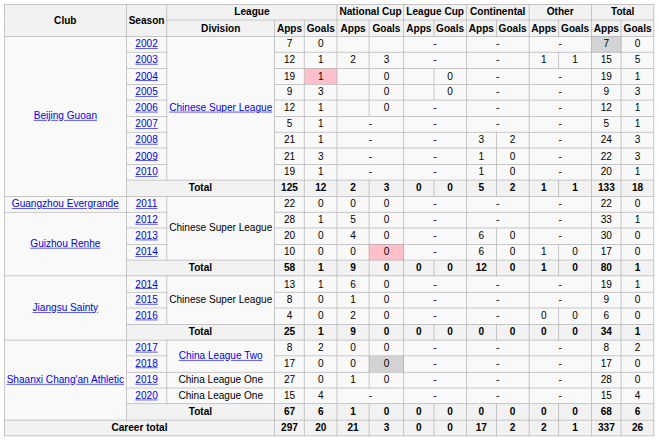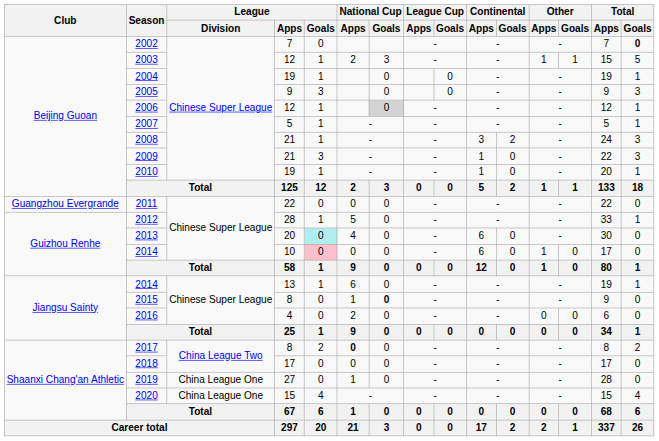 <table class="wikitable" style="text-align: center">
 <tr>
 <th rowspan="2">Club</th>
 <th rowspan="2">Season</th>
 <th colspan="3">League</th>
 <th colspan="2">National Cup</th>
 <th colspan="2">League Cup</th>
 <th colspan="2">Continental</th>
 <th colspan="2">Other</th>
 <th colspan="2">Total</th>
 </tr>
 <tr>
 <th>Division</th>
 <th>Apps</th>
 <th>Goals</th>
 <th>Apps</th>
 <th>Goals</th>
 <th>Apps</th>
 <th>Goals</th>
 <th>Apps</th>
 <th>Goals</th>
 <th>Apps</th>
 <th>Goals</th>
 <th>Apps</th>
 <th>Goals</th>
 </tr>
 <tr>
 <td rowspan=10><a href='#'>Beijing Guoan</a></td>
 <td><a href='#'>2002</a></td>
 <td rowspan=9><a href='#'>Chinese Super League</a></td>
 <td>7</td>
 <td>0</td>
 <td></td>
 <td></td>
 <td colspan="2">-</td>
 <td colspan="2">-</td>
 <td colspan="2">-</td>
-<td style="background: lightgrey;">7</td>
-<td>0</td>
+<td>7</td>
+<td><strong>0</strong></td>
 </tr>
 <tr>
 <td><a href='#'>2003</a></td>
 <td>12</td>
 <td>1</td>
 <td>2</td>
 <td>3</td>
 <td colspan="2">-</td>
 <td colspan="2">-</td>
 <td>1</td>
 <td>1</td>
 <td>15</td>
 <td>5</td>
 </tr>
 <tr>
 <td><a href='#'>2004</a></td>
 <td>19</td>
-<td style="background: pink;">1</td>
+<td>1</td>
 <td></td>
 <td>0</td>
 <td></td>
 <td>0</td>
 <td colspan="2">-</td>
 <td colspan="2">-</td>
 <td>19</td>
 <td>1</td>
 </tr>
 <tr>
 <td><a href='#'>2005</a></td>
 <td>9</td>
 <td>3</td>
 <td></td>
 <td>0</td>
 <td></td>
 <td>0</td>
 <td colspan="2">-</td>
 <td colspan="2">-</td>
 <td>9</td>
 <td>3</td>
 </tr>
 <tr>
 <td><a href='#'>2006</a></td>
 <td>12</td>
 <td>1</td>
 <td></td>
-<td>0</td>
+<td style="background: lightgrey;">0</td>
 <td colspan="2">-</td>
 <td colspan="2">-</td>
 <td colspan="2">-</td>
 <td>12</td>
 <td>1</td>
 </tr>
 <tr>
 <td><a href='#'>2007</a></td>
 <td>5</td>
 <td>1</td>
 <td colspan="2">-</td>
 <td colspan="2">-</td>
 <td colspan="2">-</td>
 <td colspan="2">-</td>
 <td>5</td>
 <td>1</td>
 </tr>
 <tr>
 <td><a href='#'>2008</a></td>
 <td>21</td>
 <td>1</td>
 <td colspan="2">-</td>
 <td colspan="2">-</td>
 <td>3</td>
 <td>2</td>
 <td colspan="2">-</td>
 <td>24</td>
 <td>3</td>
 </tr>
 <tr>
 <td><a href='#'>2009</a></td>
 <td>21</td>
 <td>3</td>
 <td colspan="2">-</td>
 <td colspan="2">-</td>
 <td>1</td>
 <td>0</td>
 <td colspan="2">-</td>
 <td>22</td>
 <td>3</td>
 </tr>
 <tr>
 <td><a href='#'>2010</a></td>
 <td>19</td>
 <td>1</td>
 <td colspan="2">-</td>
 <td colspan="2">-</td>
 <td>1</td>
 <td>0</td>
 <td colspan="2">-</td>
 <td>20</td>
 <td>1</td>
 </tr>
 <tr>
 <th colspan="2"><strong>Total</strong></th>
 <th>125</th>
 <th>12</th>
 <th>2</th>
 <th>3</th>
 <th>0</th>
 <th>0</th>
 <th>5</th>
 <th>2</th>
 <th>1</th>
 <th>1</th>
 <th>133</th>
 <th>18</th>
 </tr>
 <tr>
 <td><a href='#'>Guangzhou Evergrande</a></td>
 <td><a href='#'>2011</a></td>
 <td rowspan=4>Chinese Super League</td>
 <td>22</td>
 <td>0</td>
 <td>0</td>
 <td>0</td>
 <td colspan="2">-</td>
 <td colspan="2">-</td>
 <td colspan="2">-</td>
 <td>22</td>
 <td>0</td>
 </tr>
 <tr>
 <td rowspan=4><a href='#'>Guizhou Renhe</a></td>
 <td><a href='#'>2012</a></td>
 <td>28</td>
 <td>1</td>
 <td>5</td>
 <td>0</td>
 <td colspan="2">-</td>
 <td colspan="2">-</td>
 <td colspan="2">-</td>
 <td>33</td>
 <td>1</td>
 </tr>
 <tr>
 <td><a href='#'>2013</a></td>
 <td>20</td>
-<td>0</td>
+<td style="background: paleturquoise;">0</td>
 <td>4</td>
 <td>0</td>
 <td colspan="2">-</td>
 <td>6</td>
 <td>0</td>
 <td colspan="2">-</td>
 <td>30</td>
 <td>0</td>
 </tr>
 <tr>
 <td><a href='#'>2014</a></td>
 <td>10</td>
+<td style="background: pink;">0</td>
 <td>0</td>
 <td>0</td>
-<td style="background: pink;">0</td>
 <td colspan="2">-</td>
 <td>6</td>
 <td>0</td>
 <td>1</td>
 <td>0</td>
 <td>17</td>
 <td>0</td>
 </tr>
 <tr>
 <th colspan="2"><strong>Total</strong></th>
 <th>58</th>
 <th>1</th>
 <th>9</th>
 <th>0</th>
 <th>0</th>
 <th>0</th>
 <th>12</th>
 <th>0</th>
 <th>1</th>
 <th>0</th>
 <th>80</th>
 <th>1</th>
 </tr>
 <tr>
 <td rowspan=4><a href='#'>Jiangsu Sainty</a></td>
 <td><a href='#'>2014</a></td>
 <td rowspan=3>Chinese Super League</td>
 <td>13</td>
 <td>1</td>
 <td>6</td>
 <td>0</td>
 <td colspan="2">-</td>
 <td colspan="2">-</td>
 <td colspan="2">-</td>
 <td>19</td>
 <td>1</td>
 </tr>
 <tr>
 <td><a href='#'>2015</a></td>
 <td>8</td>
 <td>0</td>
 <td>1</td>
-<td>0</td>
+<td><strong>0</strong></td>
 <td colspan="2">-</td>
 <td colspan="2">-</td>
 <td colspan="2">-</td>
 <td>9</td>
 <td>0</td>
 </tr>
 <tr>
 <td><a href='#'>2016</a></td>
 <td>4</td>
 <td>0</td>
 <td>2</td>
 <td>0</td>
 <td colspan="2">-</td>
 <td colspan="2">-</td>
 <td>0</td>
 <td>0</td>
 <td>6</td>
 <td>0</td>
 </tr>
 <tr>
 <th colspan="2"><strong>Total</strong></th>
 <th>25</th>
 <th>1</th>
 <th>9</th>
 <th>0</th>
 <th>0</th>
 <th>0</th>
 <th>0</th>
 <th>0</th>
 <th>0</th>
 <th>0</th>
 <th>34</th>
 <th>1</th>
 </tr>
 <tr>
 <td rowspan=5><a href='#'>Shaanxi Chang'an Athletic</a></td>
 <td><a href='#'>2017</a></td>
 <td rowspan="2"><a href='#'>China League Two</a></td>
 <td>8</td>
 <td>2</td>
-<td>0</td>
+<td><strong>0</strong></td>
 <td>0</td>
 <td colspan="2">-</td>
 <td colspan="2">-</td>
 <td colspan="2">-</td>
 <td>8</td>
 <td>2</td>
 </tr>
 <tr>
 <td><a href='#'>2018</a></td>
 <td>17</td>
 <td>0</td>
 <td>0</td>
-<td style="background: lightgrey;">0</td>
+<td>0</td>
 <td colspan="2">-</td>
 <td colspan="2">-</td>
 <td colspan="2">-</td>
 <td>17</td>
 <td>0</td>
 </tr>
 <tr>
 <td><a href='#'>2019</a></td>
 <td>China League One</td>
 <td>27</td>
 <td>0</td>
 <td>1</td>
 <td>0</td>
 <td colspan="2">-</td>
 <td colspan="2">-</td>
 <td colspan="2">-</td>
 <td>28</td>
 <td>0</td>
 </tr>
 <tr>
 <td><a href='#'>2020</a></td>
 <td>China League One</td>
 <td>15</td>
 <td>4</td>
 <td colspan="2">-</td>
 <td colspan="2">-</td>
 <td colspan="2">-</td>
 <td colspan="2">-</td>
 <td>15</td>
 <td>4</td>
 </tr>
 <tr>
 <th colspan="2"><strong>Total</strong></th>
 <th>67</th>
 <th>6</th>
 <th>1</th>
 <th>0</th>
 <th>0</th>
 <th>0</th>
 <th>0</th>
 <th>0</th>
 <th>0</th>
 <th>0</th>
 <th>68</th>
 <th>6</th>
 </tr>
 <tr>
 <th colspan=3>Career total</th>
 <th>297</th>
 <th>20</th>
 <th>21</th>
 <th>3</th>
 <th>0</th>
 <th>0</th>
 <th>17</th>
 <th>2</th>
 <th>2</th>
 <th>1</th>
 <th>337</th>
 <th>26</th>
 </tr>
 </table>
